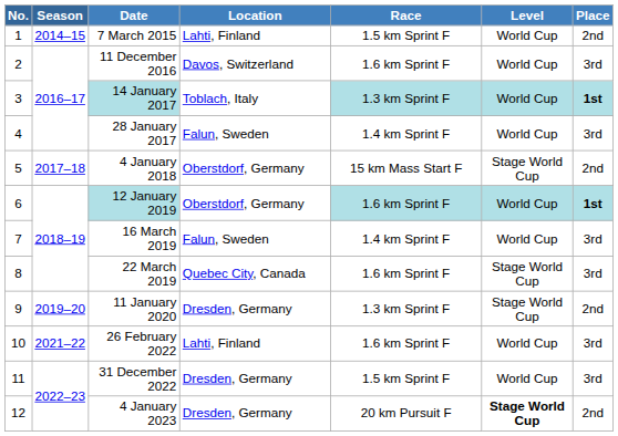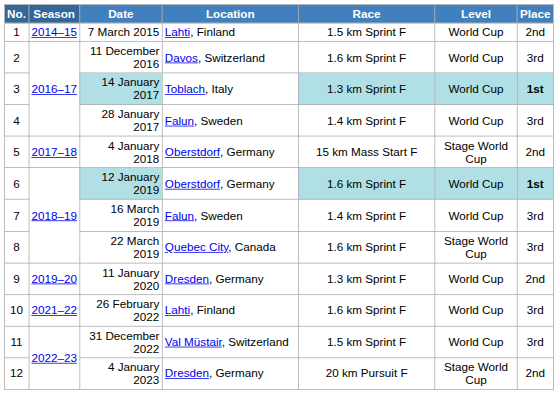 <table class="wikitable sortable" style="font-size:95%; text-align:center; border:grey solid 1px; border-collapse:collapse; background:#ffffff;">
 <tr style="background:#efefef;">
 <th style="background-color:#369; color:white;">No.</th>
 <th style="background-color:#369; color:white;">Season</th>
 <th style="background-color:#4180be; color:white; width:100px;">Date</th>
 <th style="background-color:#4180be; color:white; width:170px;">Location</th>
 <th style="background-color:#4180be; color:white; width:170px;">Race</th>
 <th style="background-color:#4180be; color:white; width:100px;">Level</th>
 <th style="background-color:#4180be; color:white;">Place</th>
 </tr>
 <tr>
 <td align=center>1</td>
 <td rowspan=1 align=center><a href='#'>2014–15</a></td>
 <td align=right>7 March 2015</td>
 <td align=left> <a href='#'>Lahti</a>, Finland</td>
 <td>1.5 km Sprint F</td>
 <td>World Cup</td>
 <td>2nd</td>
 </tr>
 <tr>
 <td align=center>2</td>
 <td rowspan=3 align=center><a href='#'>2016–17</a></td>
 <td align=right>11 December 2016</td>
 <td align=left> <a href='#'>Davos</a>, Switzerland</td>
 <td>1.6 km Sprint F</td>
 <td>World Cup</td>
 <td>3rd</td>
 </tr>
 <tr>
 <td align=center>3</td>
 <td bgcolor="#BOEOE6" align=right>14 January 2017</td>
 <td align=left> <a href='#'>Toblach</a>, Italy</td>
 <td bgcolor="#BOEOE6">1.3 km Sprint F</td>
 <td bgcolor="#BOEOE6">World Cup</td>
 <td bgcolor="#BOEOE6"><strong>1st</strong></td>
 </tr>
 <tr>
 <td align=center>4</td>
 <td align=right>28 January 2017</td>
 <td align=left> <a href='#'>Falun</a>, Sweden</td>
 <td>1.4 km Sprint F</td>
 <td>World Cup</td>
 <td>3rd</td>
 </tr>
 <tr>
 <td align=center>5</td>
 <td rowspan=1 align=center><a href='#'>2017–18</a></td>
 <td align=right>4 January 2018</td>
 <td align=left> <a href='#'>Oberstdorf</a>, Germany</td>
 <td>15 km Mass Start F</td>
 <td>Stage World Cup</td>
 <td>2nd</td>
 </tr>
 <tr>
 <td align=center>6</td>
 <td rowspan=3 align=center><a href='#'>2018–19</a></td>
 <td bgcolor="#BOEOE6" align=right>12 January 2019</td>
 <td align=left> <a href='#'>Oberstdorf</a>, Germany</td>
 <td bgcolor="#BOEOE6">1.6 km Sprint F</td>
 <td bgcolor="#BOEOE6">World Cup</td>
 <td bgcolor="#BOEOE6"><strong>1st</strong></td>
 </tr>
 <tr>
 <td align=center>7</td>
 <td align=right>16 March 2019</td>
 <td align=left> <a href='#'>Falun</a>, Sweden</td>
 <td>1.4 km Sprint F</td>
 <td>World Cup</td>
 <td>3rd</td>
 </tr>
 <tr>
 <td align=center>8</td>
 <td align=right>22 March 2019</td>
 <td align=left> <a href='#'>Quebec City</a>, Canada</td>
 <td>1.6 km Sprint F</td>
 <td>Stage World Cup</td>
 <td>3rd</td>
 </tr>
 <tr>
 <td align=center>9</td>
 <td rowspan=1 align=center><a href='#'>2019–20</a></td>
 <td align=right>11 January 2020</td>
 <td align=left> <a href='#'>Dresden</a>, Germany</td>
 <td>1.3 km Sprint F</td>
-<td>Stage World Cup</td>
+<td>World Cup</td>
 <td>2nd</td>
 </tr>
 <tr>
 <td align=center>10</td>
 <td rowspan=1 align=center><a href='#'>2021–22</a></td>
 <td align=right>26 February 2022</td>
 <td align=left> <a href='#'>Lahti</a>, Finland</td>
 <td>1.6 km Sprint F</td>
 <td>World Cup</td>
 <td>3rd</td>
 </tr>
 <tr>
 <td align=center>11</td>
 <td rowspan=2 align=center><a href='#'>2022–23</a></td>
 <td align=right>31 December 2022</td>
-<td align=left> <a href='#'>Dresden</a>, Germany</td>
+<td align=left> <a href='#'>Val Müstair</a>, Switzerland</td>
 <td>1.5 km Sprint F</td>
 <td>World Cup</td>
 <td>3rd</td>
 </tr>
 <tr>
 <td align=center>12</td>
 <td align=right>4 January 2023</td>
 <td align=left> <a href='#'>Dresden</a>, Germany</td>
 <td>20 km Pursuit F</td>
-<td><strong>Stage World Cup</strong></td>
+<td>Stage World Cup</td>
 <td>2nd</td>
 </tr>
 </table>
